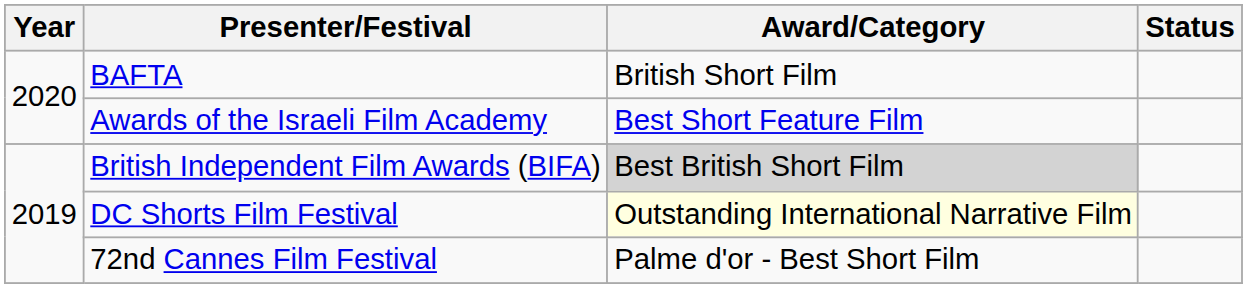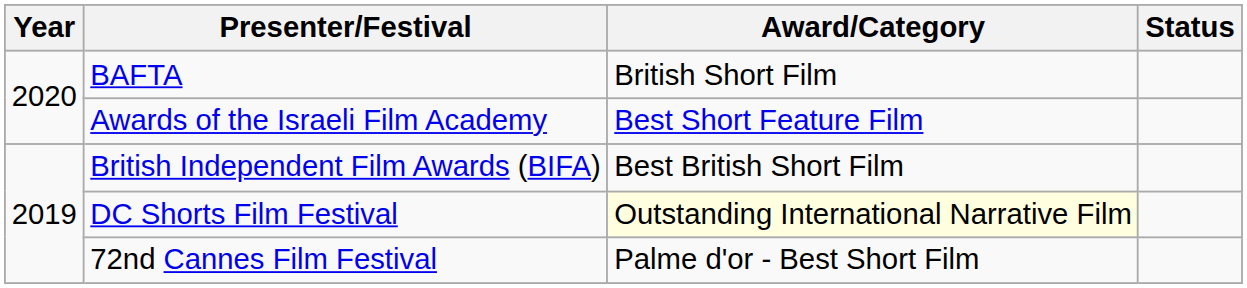 <table class="wikitable">
 <tr>
 <th>Year</th>
 <th>Presenter/Festival</th>
 <th>Award/Category</th>
 <th>Status</th>
 </tr>
 <tr>
 <td rowspan="2">2020</td>
 <td><a href='#'>BAFTA</a></td>
 <td>British Short Film</td>
 <td></td>
 </tr>
 <tr>
 <td><a href='#'>Awards of the Israeli Film Academy</a></td>
 <td><a href='#'>Best Short Feature Film</a></td>
 <td></td>
 </tr>
 <tr>
 <td rowspan="3">2019</td>
 <td><a href='#'>British Independent Film Awards</a> (<a href='#'>BIFA</a>)</td>
-<td style="background: lightgrey;">Best British Short Film</td>
+<td>Best British Short Film</td>
 <td></td>
 </tr>
 <tr>
 <td><a href='#'>DC Shorts Film Festival</a></td>
 <td style="background: lightyellow;">Outstanding International Narrative Film</td>
 <td></td>
 </tr>
 <tr>
 <td>72nd <a href='#'>Cannes Film Festival</a></td>
 <td>Palme d'or - Best Short Film</td>
 <td></td>
 </tr>
 </table>
